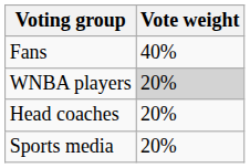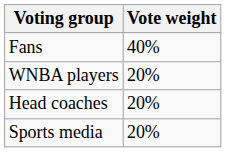 <table class="wikitable">
 <tr>
 <th>Voting group</th>
 <th>Vote weight</th>
 </tr>
 <tr>
 <td>Fans</td>
 <td>40%</td>
 </tr>
 <tr>
 <td>WNBA players</td>
-<td style="background: lightgrey;">20%</td>
+<td>20%</td>
 </tr>
 <tr>
 <td>Head coaches</td>
 <td>20%</td>
 </tr>
 <tr>
 <td>Sports media</td>
 <td>20%</td>
 </tr>
 </table>
